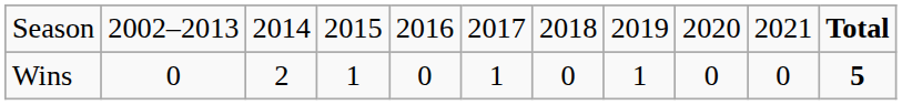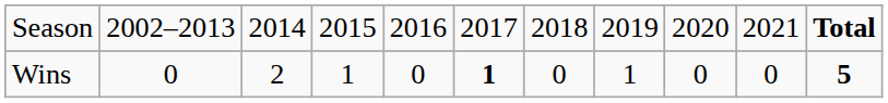 <table class="wikitable" style=font-size:97%>
 <tr>
 <td>Season</td>
 <td>2002–2013</td>
 <td>2014</td>
 <td>2015</td>
 <td>2016</td>
 <td>2017</td>
 <td>2018</td>
 <td>2019</td>
 <td>2020</td>
 <td>2021</td>
 <td><strong>Total</strong></td>
 </tr>
 <tr align=center>
 <td align=left>Wins</td>
 <td>0</td>
 <td>2</td>
 <td>1</td>
 <td>0</td>
-<td>1</td>
+<td><strong>1</strong></td>
 <td>0</td>
 <td>1</td>
 <td>0</td>
 <td>0</td>
 <td><strong>5</strong></td>
 </tr>
 </table>
